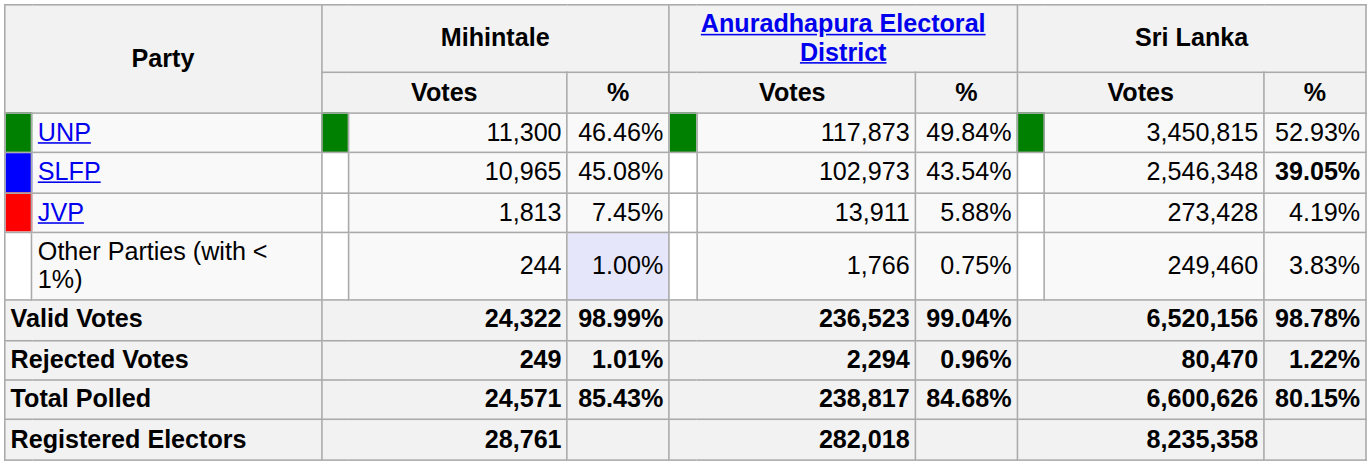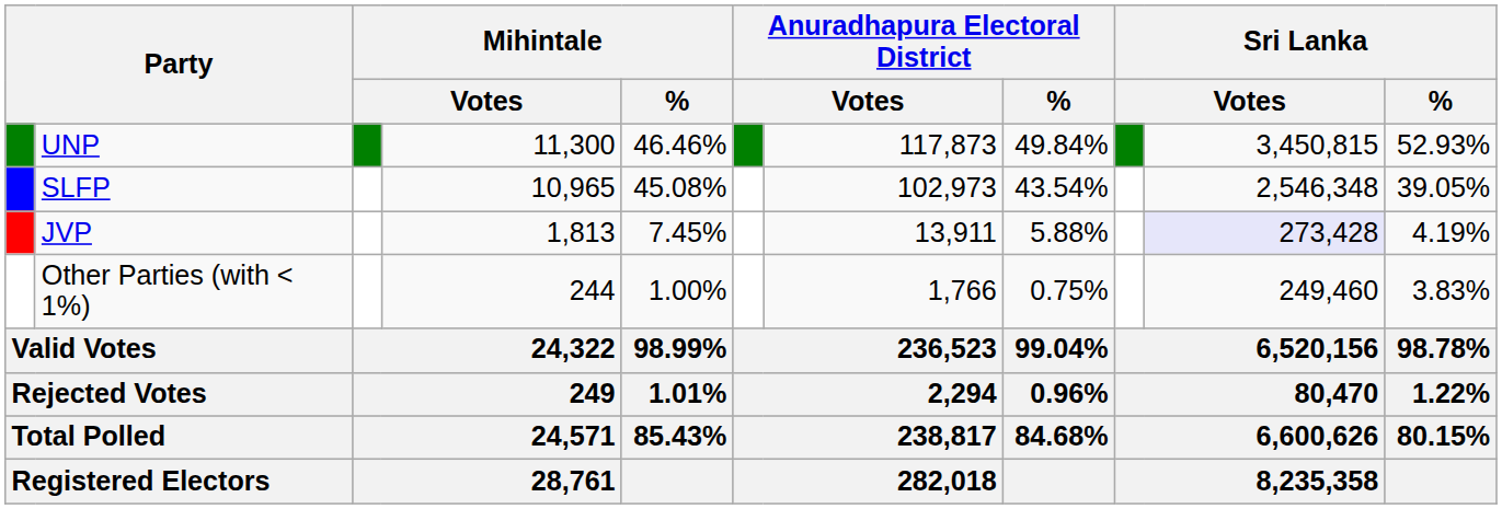 <table class="wikitable">
 <tr>
 <th colspan="2" width="144px"rowspan="2">Party</th>
 <th colspan="3" width="216px">Mihintale</th>
 <th colspan="3" width="216px"><a href='#'>Anuradhapura Electoral District</a></th>
 <th colspan="3" width="216px">Sri Lanka</th>
 </tr>
 <tr>
 <th colspan="2" width="144px">Votes</th>
 <th>%</th>
 <th colspan="2" width="144px">Votes</th>
 <th>%</th>
 <th colspan="2" width="144px">Votes</th>
 <th>%</th>
 </tr>
 <tr>
 <td style="background-color:green;" width="10px"></td>
 <td style="text-align:left;"><a href='#'>UNP</a></td>
 <td style="background-color:green;" width="10px"></td>
 <td style="text-align:right;">11,300</td>
 <td style="text-align:right;">46.46%</td>
 <td style="background-color:green;" width="10px"></td>
 <td style="text-align:right;">117,873</td>
 <td style="text-align:right;">49.84%</td>
 <td style="background-color:green;" width="10px"></td>
 <td style="text-align:right;">3,450,815</td>
 <td style="text-align:right;">52.93%</td>
 </tr>
 <tr>
 <td style="background-color:blue;" width="10px"></td>
 <td style="text-align:left;"><a href='#'>SLFP</a></td>
 <td style="background-color:white;" width="10px"></td>
 <td style="text-align:right;">10,965</td>
 <td style="text-align:right;">45.08%</td>
 <td style="background-color:white;" width="10px"></td>
 <td style="text-align:right;">102,973</td>
 <td style="text-align:right;">43.54%</td>
 <td style="background-color:white;" width="10px"></td>
 <td style="text-align:right;">2,546,348</td>
-<td style="text-align:right;"><strong>39.05%</strong></td>
+<td style="text-align:right;">39.05%</td>
 </tr>
 <tr>
 <td style="background-color:red;" width="10px"></td>
 <td style="text-align:left;"><a href='#'>JVP</a></td>
 <td style="background-color:white;" width="10px"></td>
 <td style="text-align:right;">1,813</td>
 <td style="text-align:right;">7.45%</td>
 <td style="background-color:white;" width="10px"></td>
 <td style="text-align:right;">13,911</td>
 <td style="text-align:right;">5.88%</td>
 <td style="background-color:white;" width="10px"></td>
-<td style="text-align:right;">273,428</td>
+<td style="background: lavender; text-align:right;">273,428</td>
 <td style="text-align:right;">4.19%</td>
 </tr>
 <tr>
 <td style="background-color:white;" width="10px"></td>
 <td style="text-align:left;">Other Parties (with < 1%)</td>
 <td style="background-color:white;" width="10px"></td>
 <td style="text-align:right;">244</td>
-<td style="background: lavender; text-align:right;">1.00%</td>
+<td style="text-align:right;">1.00%</td>
 <td style="background-color:white;" width="10px"></td>
 <td style="text-align:right;">1,766</td>
 <td style="text-align:right;">0.75%</td>
 <td style="background-color:white;" width="10px"></td>
 <td style="text-align:right;">249,460</td>
 <td style="text-align:right;">3.83%</td>
 </tr>
 <tr>
 <th colspan="2" width="144px"style="text-align:left;">Valid Votes</th>
 <th style="text-align:right;"colspan="2" width="144px">24,322</th>
 <th style="text-align:right;">98.99%</th>
 <th style="text-align:right;"colspan="2" width="144px">236,523</th>
 <th style="text-align:right;">99.04%</th>
 <th style="text-align:right;"colspan="2" width="144px">6,520,156</th>
 <th style="text-align:right;">98.78%</th>
 </tr>
 <tr>
 <th colspan="2" width="144px"style="text-align:left;">Rejected Votes</th>
 <th style="text-align:right;"colspan="2" width="144px">249</th>
 <th style="text-align:right;">1.01%</th>
 <th style="text-align:right;"colspan="2" width="144px">2,294</th>
 <th style="text-align:right;">0.96%</th>
 <th style="text-align:right;"colspan="2" width="144px">80,470</th>
 <th style="text-align:right;">1.22%</th>
 </tr>
 <tr>
 <th colspan="2" width="144px"style="text-align:left;">Total Polled</th>
 <th style="text-align:right;"colspan="2" width="144px">24,571</th>
 <th style="text-align:right;">85.43%</th>
 <th style="text-align:right;"colspan="2" width="144px">238,817</th>
 <th style="text-align:right;">84.68%</th>
 <th style="text-align:right;"colspan="2" width="144px">6,600,626</th>
 <th style="text-align:right;">80.15%</th>
 </tr>
 <tr>
 <th colspan="2" width="144px"style="text-align:left;">Registered Electors</th>
 <th style="text-align:right;"colspan="2" width="144px">28,761</th>
 <th></th>
 <th style="text-align:right;"colspan="2" width="144px">282,018</th>
 <th></th>
 <th style="text-align:right;"colspan="2" width="144px">8,235,358</th>
 <th></th>
 </tr>
 </table>
